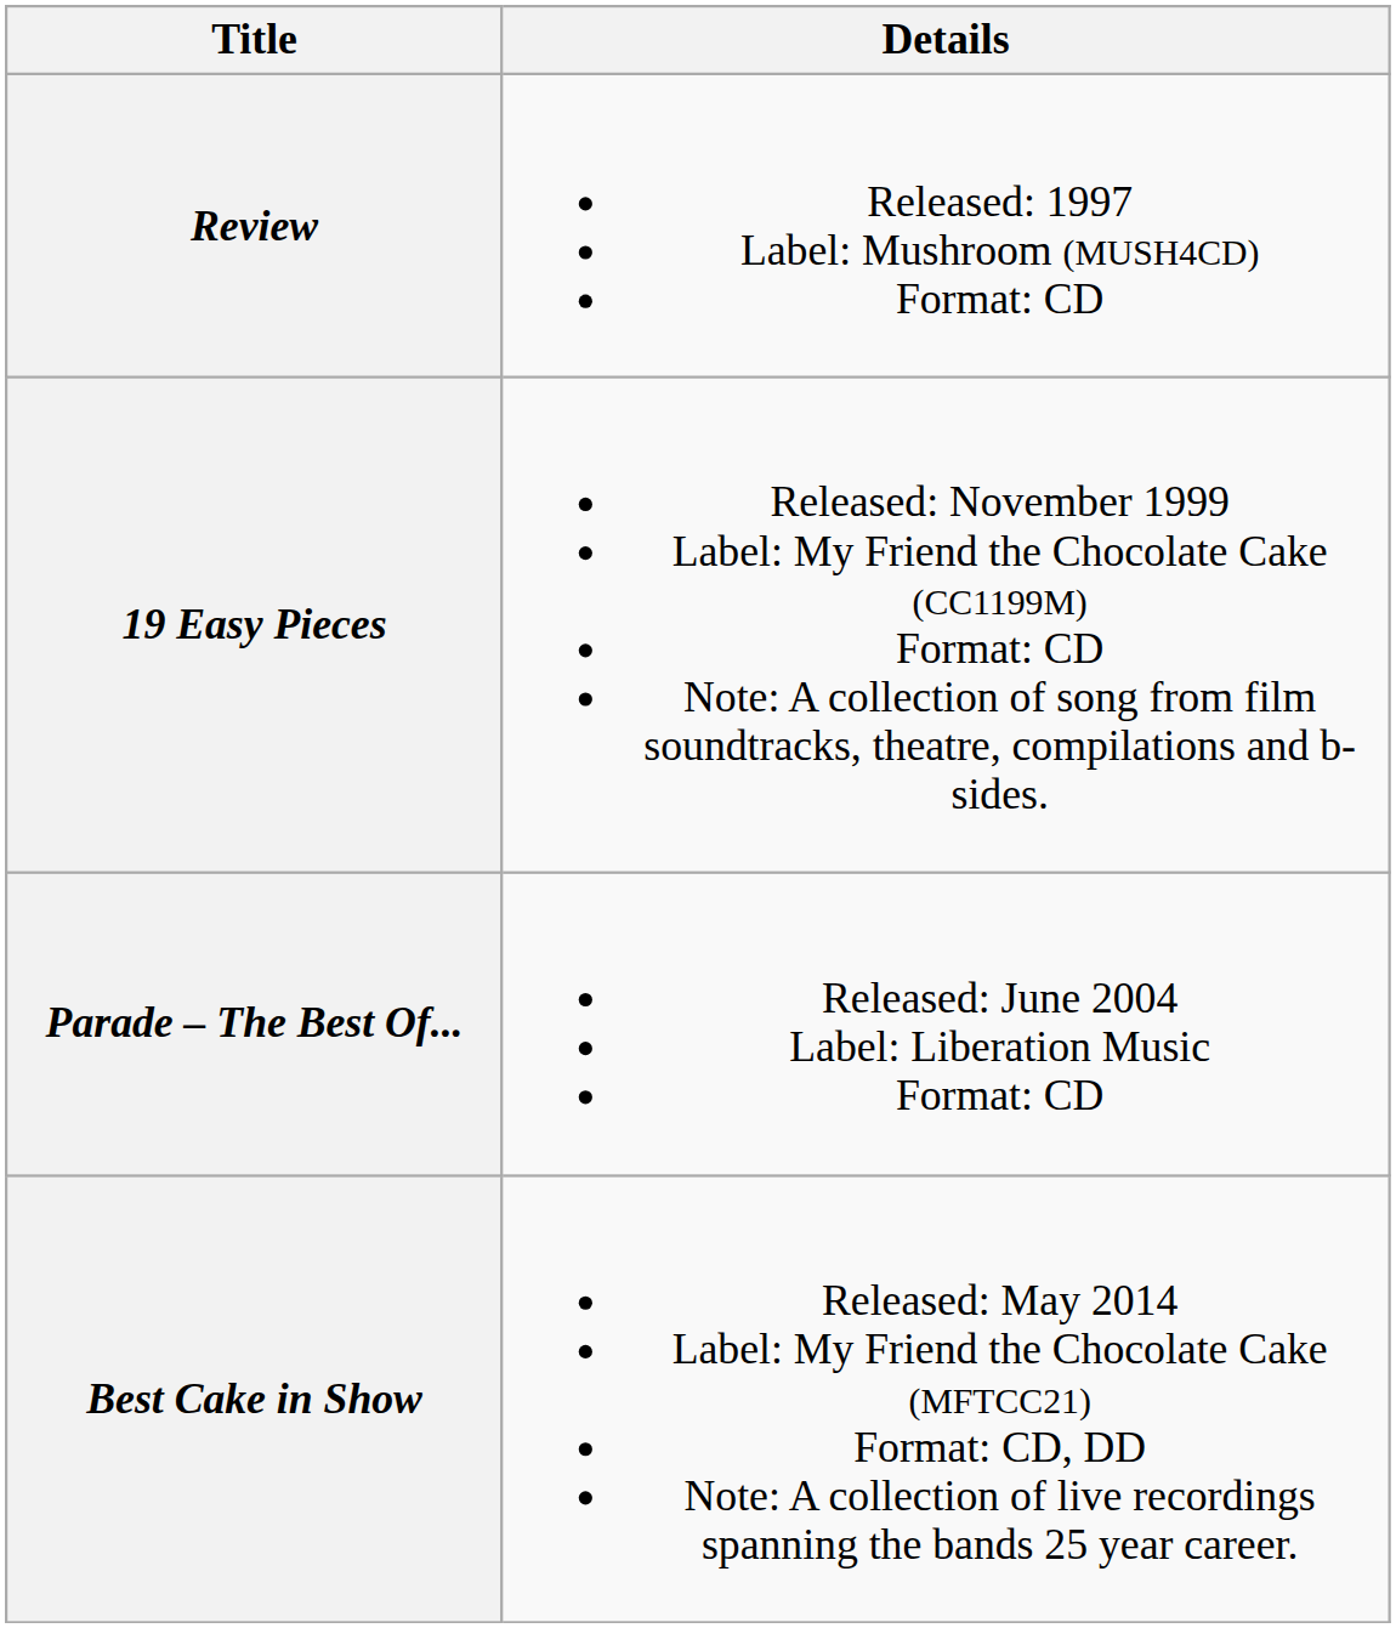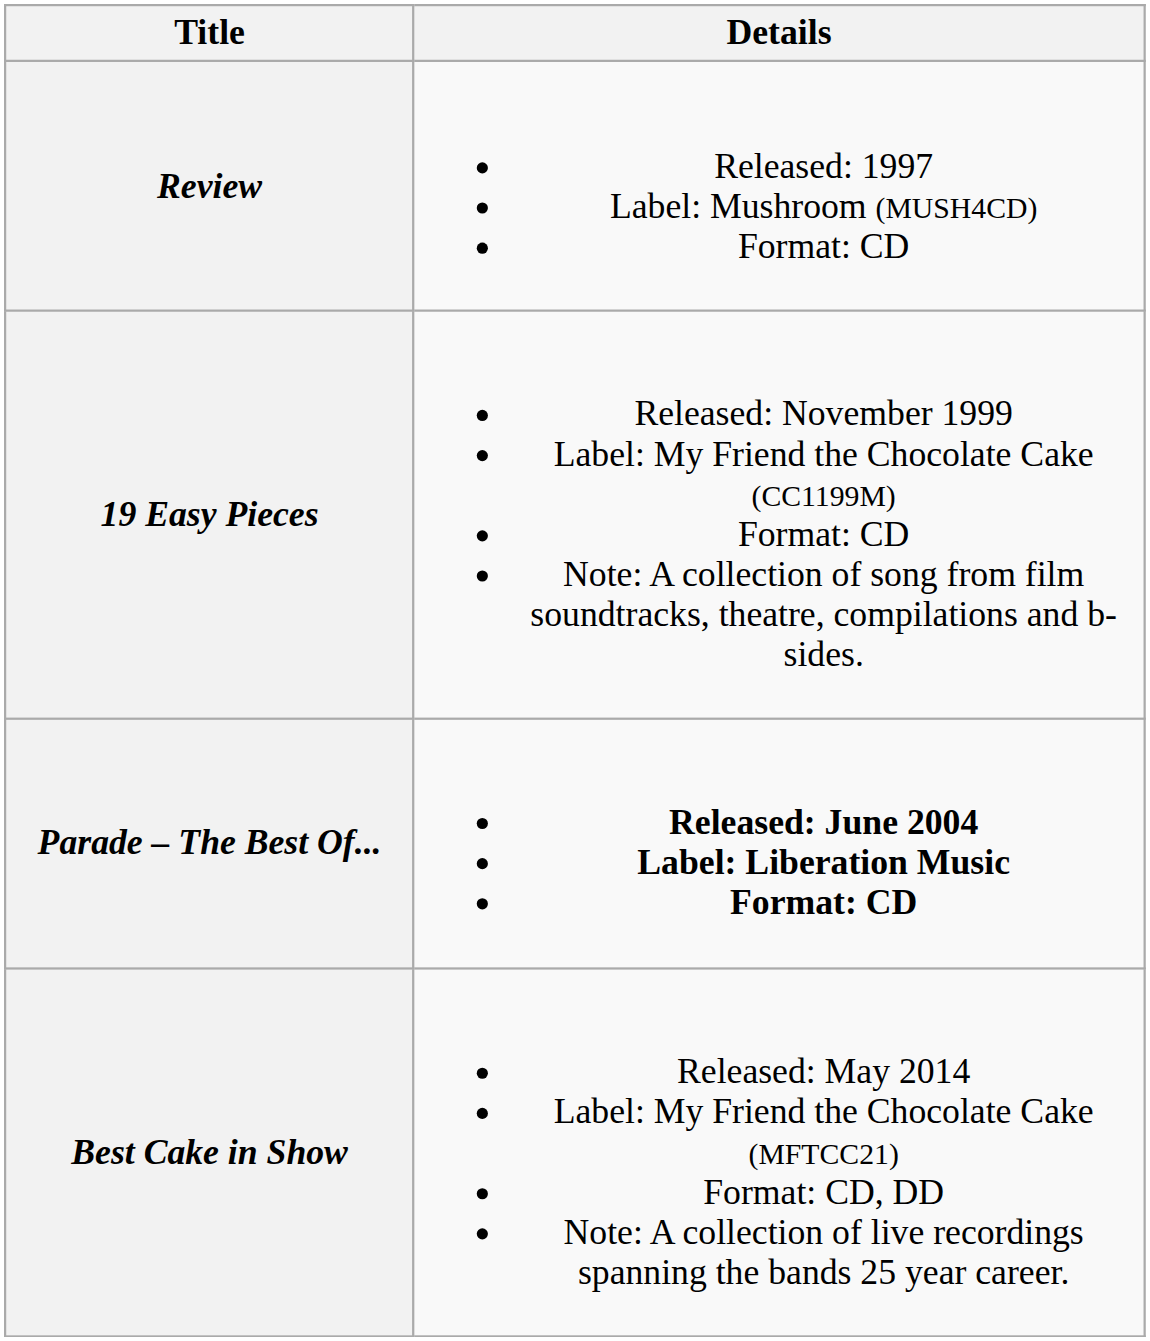 <table class="wikitable plainrowheaders" style="text-align:center;" border="1">
 <tr>
 <th scope="col" style="width:11em;">Title</th>
 <th scope="col" style="width:20em;">Details</th>
 </tr>
 <tr>
 <th scope="row"><em>Review</em></th>
 <td><br><ul><li>Released: 1997</li><li>Label: Mushroom <small>(MUSH4CD)</small></li><li>Format: CD</li></ul></td>
 </tr>
 <tr>
 <th scope="row"><em>19 Easy Pieces</em></th>
 <td><br><ul><li>Released: November 1999</li><li>Label: My Friend the Chocolate Cake <small>(CC1199M)</small></li><li>Format: CD</li><li>Note: A collection of song from film soundtracks, theatre, compilations and b-sides.</li></ul></td>
 </tr>
 <tr>
 <th scope="row"><em>Parade – The Best Of...</em></th>
-<td><br><ul><li>Released: June 2004</li><li>Label: Liberation Music</li><li>Format: CD</li></ul></td>
+<td><strong><br><ul><li>Released: June 2004</li><li>Label: Liberation Music</li><li>Format: CD</li></ul></strong></td>
 </tr>
 <tr>
 <th scope="row"><em>Best Cake in Show</em></th>
 <td><br><ul><li>Released: May 2014</li><li>Label: My Friend the Chocolate Cake <small>(MFTCC21)</small></li><li>Format: CD, DD</li><li>Note: A collection of live recordings spanning the bands 25 year career.</li></ul></td>
 </tr>
 </table>
